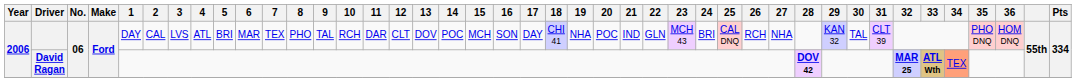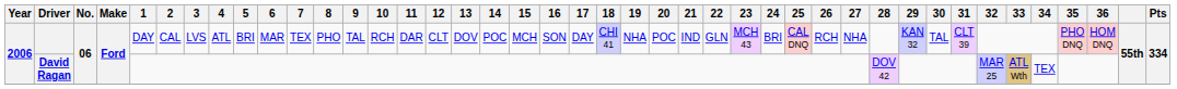 <table class="wikitable" style="text-align:center; font-size:75%">
 <tr>
 <th>Year</th>
 <th>Driver</th>
 <th>No.</th>
 <th>Make</th>
 <th>1</th>
 <th>2</th>
 <th>3</th>
 <th>4</th>
 <th>5</th>
 <th>6</th>
 <th>7</th>
 <th>8</th>
 <th>9</th>
 <th>10</th>
 <th>11</th>
 <th>12</th>
 <th>13</th>
 <th>14</th>
 <th>15</th>
 <th>16</th>
 <th>17</th>
 <th>18</th>
 <th>19</th>
 <th>20</th>
 <th>21</th>
 <th>22</th>
 <th>23</th>
 <th>24</th>
 <th>25</th>
 <th>26</th>
 <th>27</th>
 <th>28</th>
 <th>29</th>
 <th>30</th>
 <th>31</th>
 <th>32</th>
 <th>33</th>
 <th>34</th>
 <th>35</th>
 <th>36</th>
 <th></th>
 <th>Pts</th>
 </tr>
 <tr>
 <th rowspan=2><a href='#'>2006</a></th>
 <th></th>
 <th rowspan=2>06</th>
 <th rowspan=2><a href='#'>Ford</a></th>
 <td><a href='#'>DAY</a></td>
 <td><a href='#'>CAL</a></td>
 <td><a href='#'>LVS</a></td>
 <td><a href='#'>ATL</a></td>
 <td><a href='#'>BRI</a></td>
 <td><a href='#'>MAR</a></td>
 <td><a href='#'>TEX</a></td>
 <td><a href='#'>PHO</a></td>
 <td><a href='#'>TAL</a></td>
 <td><a href='#'>RCH</a></td>
 <td><a href='#'>DAR</a></td>
 <td><a href='#'>CLT</a></td>
 <td><a href='#'>DOV</a></td>
 <td><a href='#'>POC</a></td>
 <td><a href='#'>MCH</a></td>
 <td><a href='#'>SON</a></td>
 <td><a href='#'>DAY</a></td>
 <td style="background:#CFCFFF;"><a href='#'>CHI</a><br><small>41</small></td>
 <td><a href='#'>NHA</a></td>
 <td><a href='#'>POC</a></td>
 <td><a href='#'>IND</a></td>
 <td><a href='#'>GLN</a></td>
 <td style="background:#EFCFFF;"><a href='#'>MCH</a><br><small>43</small></td>
 <td><a href='#'>BRI</a></td>
 <td style="background:#FFCFCF;"><a href='#'>CAL</a><br><small>DNQ</small></td>
 <td><a href='#'>RCH</a></td>
 <td><a href='#'>NHA</a></td>
 <td></td>
 <td style="background:#CFCFFF;"><a href='#'>KAN</a><br><small>32</small></td>
 <td><a href='#'>TAL</a></td>
 <td style="background:#EFCFFF;"><a href='#'>CLT</a><br><small>39</small></td>
 <td colspan=3></td>
 <td style="background:#FFCFCF;"><a href='#'>PHO</a><br><small>DNQ</small></td>
 <td style="background:#FFCFCF;"><a href='#'>HOM</a><br><small>DNQ</small></td>
 <th rowspan=2>55th</th>
 <th rowspan=2>334</th>
 </tr>
 <tr>
 <th><a href='#'>David Ragan</a></th>
 <td colspan=27></td>
-<td style="background:#EFCFFF;"><strong><a href='#'>DOV</a><br><small>42</small></strong></td>
+<td style="background:#EFCFFF;"><a href='#'>DOV</a><br><small>42</small></td>
 <td colspan=3></td>
-<td style="background:#CFCFFF;"><strong><a href='#'>MAR</a><br><small>25</small></strong></td>
-<td style="background:#DFC484;"><strong><a href='#'>ATL</a><br><small>Wth</small></strong></td>
-<td style="background: lightsalmon;"><a href='#'>TEX</a></td>
+<td style="background:#CFCFFF;"><a href='#'>MAR</a><br><small>25</small></td>
+<td style="background:#DFC484;"><a href='#'>ATL</a><br><small>Wth</small></td>
+<td><a href='#'>TEX</a></td>
 <td colspan=2></td>
 </tr>
 <tr>
 </tr>
 </table>
